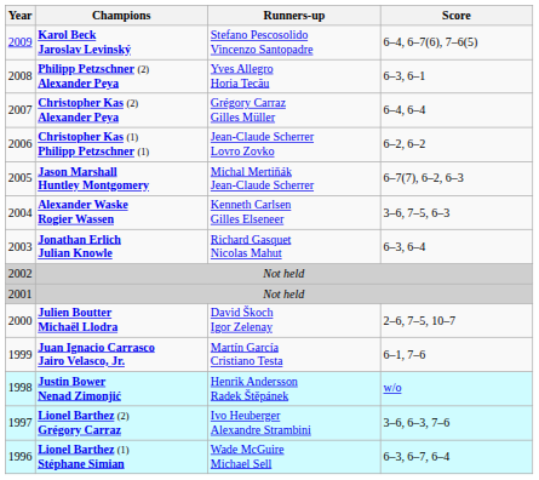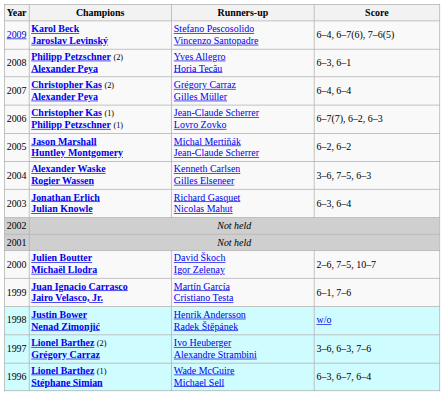 <table class="wikitable" style="font-size:90%">
 <tr>
 <th>Year</th>
 <th width="200">Champions</th>
 <th width="200">Runners-up</th>
 <th width="175">Score</th>
 </tr>
 <tr>
 <td><a href='#'>2009</a></td>
 <td> <strong><a href='#'>Karol Beck</a></strong> <br>  <strong><a href='#'>Jaroslav Levinský</a></strong></td>
 <td> <a href='#'>Stefano Pescosolido</a> <br>  <a href='#'>Vincenzo Santopadre</a></td>
 <td>6–4, 6–7(6), 7–6(5)</td>
 </tr>
 <tr>
 <td>2008</td>
 <td> <strong><a href='#'>Philipp Petzschner</a></strong> <small>(2)</small><br>  <strong><a href='#'>Alexander Peya</a></strong></td>
 <td> <a href='#'>Yves Allegro</a> <br>  <a href='#'>Horia Tecău</a></td>
 <td>6–3, 6–1</td>
 </tr>
 <tr>
 <td>2007</td>
 <td> <strong><a href='#'>Christopher Kas</a></strong> <small>(2)</small><br>  <strong><a href='#'>Alexander Peya</a></strong></td>
 <td> <a href='#'>Grégory Carraz</a> <br>  <a href='#'>Gilles Müller</a></td>
 <td>6–4, 6–4</td>
 </tr>
 <tr>
 <td>2006</td>
 <td> <strong><a href='#'>Christopher Kas</a></strong> <small>(1)</small><br>  <strong><a href='#'>Philipp Petzschner</a></strong> <small>(1)</small></td>
 <td> <a href='#'>Jean-Claude Scherrer</a> <br>  <a href='#'>Lovro Zovko</a></td>
-<td>6–2, 6–2</td>
+<td>6–7(7), 6–2, 6–3</td>
 </tr>
 <tr>
 <td>2005</td>
 <td> <strong><a href='#'>Jason Marshall</a></strong> <br>  <strong><a href='#'>Huntley Montgomery</a></strong></td>
 <td> <a href='#'>Michal Mertiňák</a> <br>  <a href='#'>Jean-Claude Scherrer</a></td>
-<td>6–7(7), 6–2, 6–3</td>
+<td>6–2, 6–2</td>
 </tr>
 <tr>
 <td>2004</td>
 <td> <strong><a href='#'>Alexander Waske</a></strong> <br>  <strong><a href='#'>Rogier Wassen</a></strong></td>
 <td> <a href='#'>Kenneth Carlsen</a> <br>  <a href='#'>Gilles Elseneer</a></td>
 <td>3–6, 7–5, 6–3</td>
 </tr>
 <tr>
 <td>2003</td>
 <td> <strong><a href='#'>Jonathan Erlich</a></strong> <br>  <strong><a href='#'>Julian Knowle</a></strong></td>
 <td> <a href='#'>Richard Gasquet</a> <br>  <a href='#'>Nicolas Mahut</a></td>
 <td>6–3, 6–4</td>
 </tr>
 <tr>
 <td style="background:#cfcfcf">2002</td>
 <td colspan=3 align=center style="background:#cfcfcf"><em>Not held</em></td>
 </tr>
 <tr>
 <td style="background:#cfcfcf">2001</td>
 <td colspan=3 align=center style="background:#cfcfcf"><em>Not held</em></td>
 </tr>
 <tr>
 <td>2000</td>
 <td> <strong><a href='#'>Julien Boutter</a></strong> <br>  <strong><a href='#'>Michaël Llodra</a></strong></td>
 <td> <a href='#'>David Škoch</a> <br>  <a href='#'>Igor Zelenay</a></td>
 <td>2–6, 7–5, 10–7</td>
 </tr>
 <tr>
 <td>1999</td>
 <td> <strong><a href='#'>Juan Ignacio Carrasco</a></strong> <br>  <strong><a href='#'>Jairo Velasco, Jr.</a></strong></td>
 <td> <a href='#'>Martín García</a> <br>  <a href='#'>Cristiano Testa</a></td>
 <td>6–1, 7–6</td>
 </tr>
 <tr>
 <td bgcolor="CFFCFF">1998</td>
 <td bgcolor="CFFCFF"> <strong><a href='#'>Justin Bower</a></strong> <br>  <strong><a href='#'>Nenad Zimonjić</a></strong></td>
 <td bgcolor="CFFCFF"> <a href='#'>Henrik Andersson</a> <br>  <a href='#'>Radek Štěpánek</a></td>
 <td bgcolor="CFFCFF"><a href='#'>w/o</a></td>
 </tr>
 <tr>
 <td bgcolor="CFFCFF">1997</td>
 <td bgcolor="CFFCFF"> <strong><a href='#'>Lionel Barthez</a></strong> <small>(2)</small><br>  <strong><a href='#'>Grégory Carraz</a></strong></td>
 <td bgcolor="CFFCFF"> <a href='#'>Ivo Heuberger</a> <br>  <a href='#'>Alexandre Strambini</a></td>
 <td bgcolor="CFFCFF">3–6, 6–3, 7–6</td>
 </tr>
 <tr>
 <td bgcolor="CFFCFF">1996</td>
 <td bgcolor="CFFCFF"> <strong><a href='#'>Lionel Barthez</a></strong> <small>(1)</small><br>  <strong><a href='#'>Stéphane Simian</a></strong></td>
 <td bgcolor="CFFCFF"> <a href='#'>Wade McGuire</a> <br>  <a href='#'>Michael Sell</a></td>
 <td bgcolor="CFFCFF">6–3, 6–7, 6–4</td>
 </tr>
 </table>
